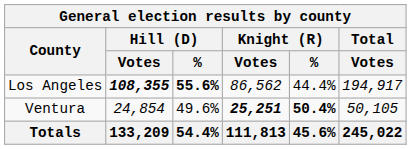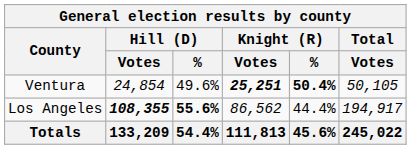 <table class="wikitable sortable" style="text-align:center">
 <tr>
 <th colspan=6>General election results by county</th>
 </tr>
 <tr>
 <th rowspan=2>County</th>
 <th colspan=2>Hill (D)</th>
 <th colspan=2>Knight (R)</th>
 <th>Total</th>
 </tr>
 <tr>
 <th>Votes</th>
 <th>%</th>
 <th>Votes</th>
 <th>%</th>
 <th data-sort-type=number>Votes</th>
 </tr>
 <tr style="background-color:">
+<td>Ventura</td>
+<td><em>24,854</em></td>
+<td>49.6%</td>
+<td><strong><em>25,251</em></strong></td>
+<td><strong>50.4%</strong></td>
+<td><em>50,105</em></td>
+</tr>
+<tr style="background-color:">
 <td>Los Angeles</td>
 <td><strong><em>108,355</em></strong></td>
 <td><strong>55.6%</strong></td>
 <td><em>86,562</em></td>
 <td>44.4%</td>
 <td><em>194,917</em></td>
-</tr>
-<tr style="background-color:">
-<td>Ventura</td>
-<td><em>24,854</em></td>
-<td>49.6%</td>
-<td><strong><em>25,251</em></strong></td>
-<td><strong>50.4%</strong></td>
-<td><em>50,105</em></td>
 </tr>
 <tr>
 <th>Totals</th>
 <th>133,209</th>
 <th>54.4%</th>
 <th>111,813</th>
 <th>45.6%</th>
 <th>245,022</th>
 </tr>
 </table>
